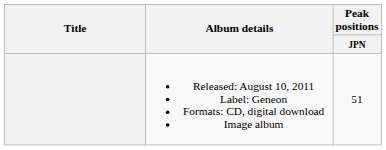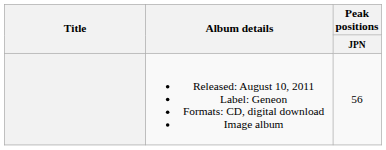 <table class="wikitable plainrowheaders" style="text-align:center;">
 <tr>
 <th style="width:12em;" rowspan="2">Title</th>
 <th style="width:16em;" rowspan="2">Album details</th>
 <th>Peak positions</th>
 </tr>
 <tr>
 <th style="width:2.5em;"><small>JPN</small><br></th>
 </tr>
 <tr>
 <th scope="row"></th>
 <td><br><ul><li>Released: August 10, 2011 </li><li>Label: Geneon</li><li>Formats: CD, digital download</li><li>Image album</li></ul></td>
-<td>51</td>
+<td>56</td>
 </tr>
 </table>
